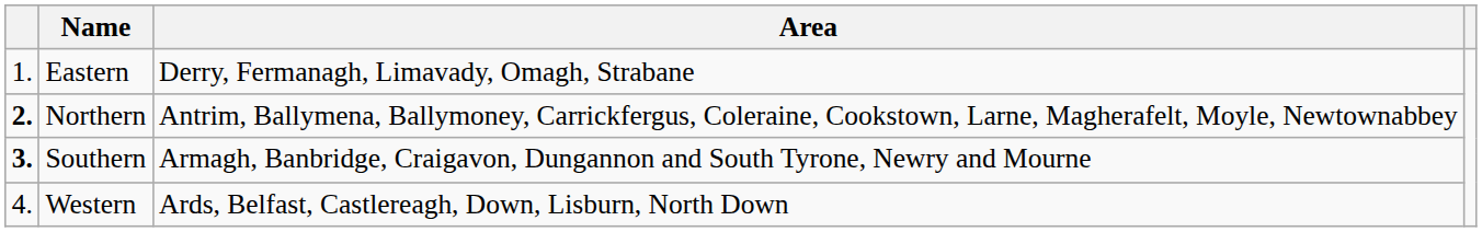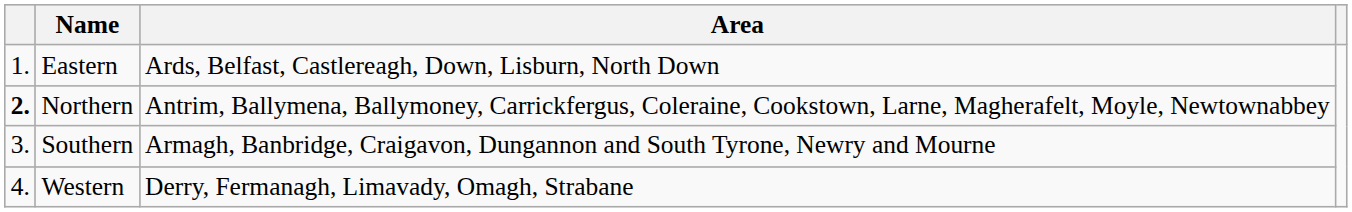 <table class="wikitable">
 <tr>
 <th></th>
 <th>Name</th>
 <th>Area</th>
 <th></th>
 </tr>
 <tr>
 <td>1.</td>
 <td>Eastern</td>
-<td>Derry, Fermanagh, Limavady, Omagh, Strabane</td>
+<td>Ards, Belfast, Castlereagh, Down, Lisburn, North Down</td>
 <td rowspan= 4></td>
 </tr>
 <tr>
 <td><strong>2.</strong></td>
 <td>Northern</td>
 <td>Antrim, Ballymena, Ballymoney, Carrickfergus, Coleraine, Cookstown, Larne, Magherafelt, Moyle, Newtownabbey</td>
 </tr>
 <tr>
-<td><strong>3.</strong></td>
+<td>3.</td>
 <td>Southern</td>
 <td>Armagh, Banbridge, Craigavon, Dungannon and South Tyrone, Newry and Mourne</td>
 </tr>
 <tr>
 <td>4.</td>
 <td>Western</td>
-<td>Ards, Belfast, Castlereagh, Down, Lisburn, North Down</td>
+<td>Derry, Fermanagh, Limavady, Omagh, Strabane</td>
 </tr>
 </table>
